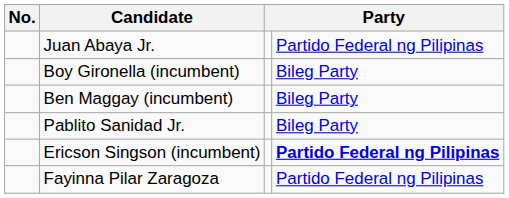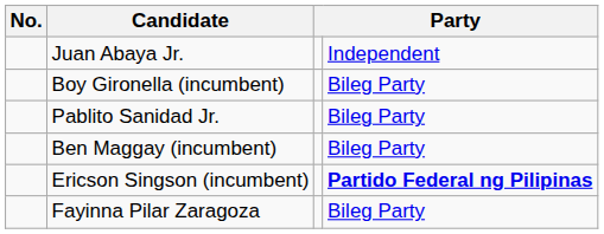 <table class="wikitable sortable" style="text-align:left;">
 <tr>
 <th>No.</th>
 <th>Candidate</th>
 <th colspan="2">Party</th>
 </tr>
 <tr>
 <td></td>
 <td>Juan Abaya Jr.</td>
 <td></td>
-<td><a href='#'>Partido Federal ng Pilipinas</a></td>
+<td><a href='#'>Independent</a></td>
 </tr>
 <tr>
 <td></td>
 <td>Boy Gironella (incumbent)</td>
 <td></td>
 <td><a href='#'>Bileg Party</a></td>
 </tr>
 <tr>
 <td></td>
-<td>Ben Maggay (incumbent)</td>
+<td>Pablito Sanidad Jr.</td>
 <td></td>
 <td><a href='#'>Bileg Party</a></td>
 </tr>
 <tr>
 <td></td>
-<td>Pablito Sanidad Jr.</td>
+<td>Ben Maggay (incumbent)</td>
 <td></td>
 <td><a href='#'>Bileg Party</a></td>
 </tr>
 <tr>
 <td></td>
 <td>Ericson Singson (incumbent)</td>
 <td></td>
 <td><strong><a href='#'>Partido Federal ng Pilipinas</a></strong></td>
 </tr>
 <tr>
 <td></td>
 <td>Fayinna Pilar Zaragoza</td>
 <td></td>
-<td><a href='#'>Partido Federal ng Pilipinas</a></td>
+<td><a href='#'>Bileg Party</a></td>
 </tr>
 </table>
